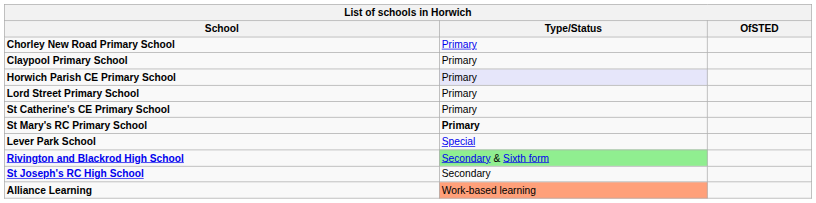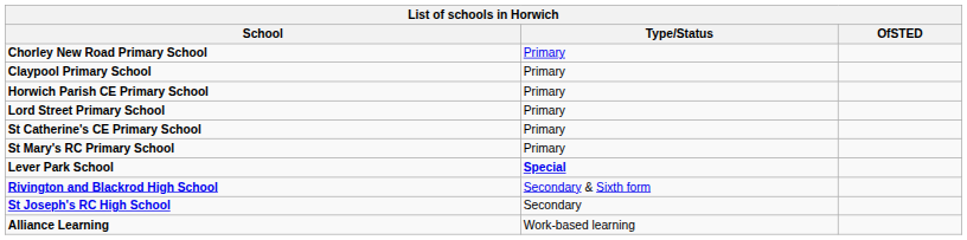 <table class="wikitable" style="font-size:90%; width:90%; border:0; text-align:left;">
 <tr>
 <th colspan="4">List of schools in Horwich</th>
 </tr>
 <tr>
 <th>School</th>
 <th>Type/Status</th>
 <th>OfSTED</th>
 </tr>
 <tr>
 <td><strong>Chorley New Road Primary School</strong></td>
 <td><a href='#'>Primary</a></td>
 <td></td>
 </tr>
 <tr>
 <td><strong>Claypool Primary School</strong></td>
 <td>Primary</td>
 <td></td>
 </tr>
 <tr>
 <td><strong>Horwich Parish CE Primary School</strong></td>
-<td style="background: lavender;">Primary</td>
+<td>Primary</td>
 <td></td>
 </tr>
 <tr>
 <td><strong>Lord Street Primary School</strong></td>
 <td>Primary</td>
 <td></td>
 </tr>
 <tr>
 <td><strong>St Catherine's CE Primary School</strong></td>
 <td>Primary</td>
 <td></td>
 </tr>
 <tr>
 <td><strong>St Mary's RC Primary School</strong></td>
-<td><strong>Primary</strong></td>
+<td>Primary</td>
 <td></td>
 </tr>
 <tr>
 <td><strong>Lever Park School</strong></td>
-<td><a href='#'>Special</a></td>
+<td><strong><a href='#'>Special</a></strong></td>
 <td></td>
 </tr>
 <tr>
 <td><strong><a href='#'>Rivington and Blackrod High School</a></strong></td>
-<td style="background: lightgreen;"><a href='#'>Secondary</a> & <a href='#'>Sixth form</a></td>
+<td><a href='#'>Secondary</a> & <a href='#'>Sixth form</a></td>
 <td></td>
 </tr>
 <tr>
 <td><strong><a href='#'>St Joseph's RC High School</a></strong></td>
 <td>Secondary</td>
 <td></td>
 </tr>
 <tr>
 <td><strong>Alliance Learning</strong></td>
-<td style="background: lightsalmon;">Work-based learning</td>
+<td>Work-based learning</td>
 <td></td>
 </tr>
 </table>
